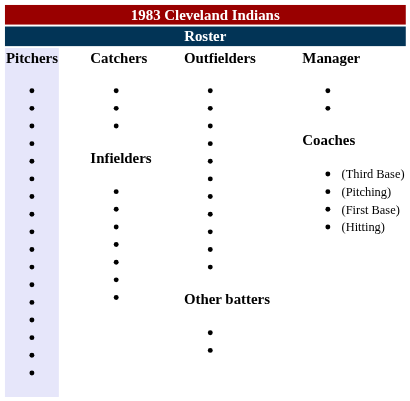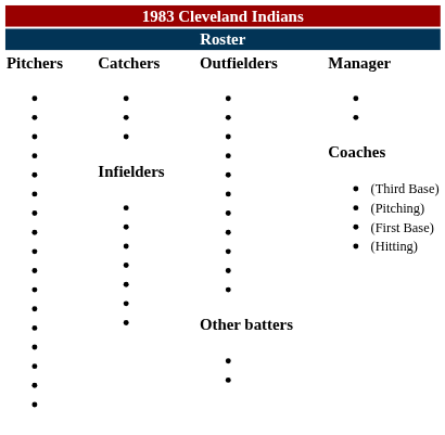 <table class="toccolours" style="font-size: 95%;">
 <tr>
 <th colspan="10" style="background-color: #990000; color: white; text-align: center;">1983 Cleveland Indians</th>
 </tr>
 <tr>
 <td colspan="10" style="background-color: #023456; color: #FFFFFF; text-align: center;"><strong>Roster</strong></td>
 </tr>
 <tr>
-<td valign="top" style="background: lavender;"><strong>Pitchers</strong><br><ul><li></li><li></li><li></li><li></li><li></li><li></li><li></li><li></li><li></li><li></li><li></li><li></li><li></li><li></li><li></li><li></li><li></li></ul></td>
+<td valign="top"><strong>Pitchers</strong><br><ul><li></li><li></li><li></li><li></li><li></li><li></li><li></li><li></li><li></li><li></li><li></li><li></li><li></li><li></li><li></li><li></li><li></li></ul></td>
 <td width="25px"></td>
 <td valign="top"><strong>Catchers</strong><br><ul><li></li><li></li><li></li></ul><strong>Infielders</strong><ul><li></li><li></li><li></li><li></li><li></li><li></li><li></li></ul></td>
 <td width="25px"></td>
 <td valign="top"><strong>Outfielders</strong><br><ul><li></li><li></li><li></li><li></li><li></li><li></li><li></li><li></li><li></li><li></li><li></li></ul><strong>Other batters</strong><ul><li></li><li></li></ul></td>
 <td width="25px"></td>
 <td valign="top"><strong>Manager</strong><br><ul><li></li><li></li></ul><strong>Coaches</strong><ul><li> <small>(Third Base)</small></li><li> <small>(Pitching)</small></li><li> <small>(First Base)</small></li><li> <small>(Hitting)</small></li></ul></td>
 </tr>
 </table>
